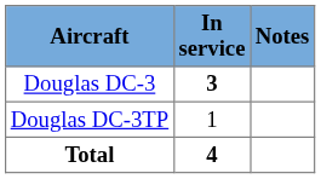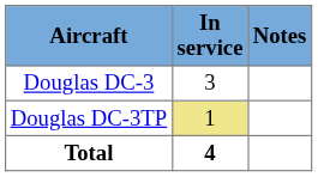 <table class="toccolours" border="1" cellpadding="3" style="border-collapse:collapse;text-align:center">
 <tr bgcolor=#75aadb>
 <th>Aircraft</th>
 <th>In<br>service</th>
 <th>Notes</th>
 </tr>
 <tr>
 <td><a href='#'>Douglas DC-3</a></td>
-<td><strong>3</strong></td>
+<td>3</td>
 <td></td>
 </tr>
 <tr>
 <td><a href='#'>Douglas DC-3TP</a></td>
-<td>1</td>
+<td style="background: khaki;">1</td>
 <td></td>
 </tr>
 <tr>
 <th>Total</th>
 <th>4</th>
 <th colspan="2"></th>
 </tr>
 </table>
